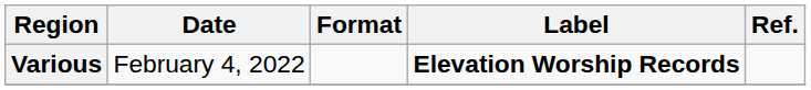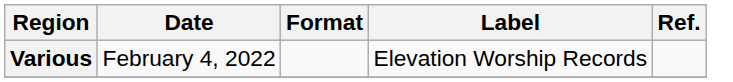 <table class="wikitable plainrowheaders">
 <tr>
 <th scope="col">Region</th>
 <th scope="col">Date</th>
 <th scope="col">Format</th>
 <th scope="col">Label</th>
 <th scope="col">Ref.</th>
 </tr>
 <tr>
 <th scope="row">Various</th>
 <td>February 4, 2022</td>
 <td></td>
-<td><strong>Elevation Worship Records</strong></td>
+<td>Elevation Worship Records</td>
 <td></td>
 </tr>
 <tr>
 </tr>
 </table>
